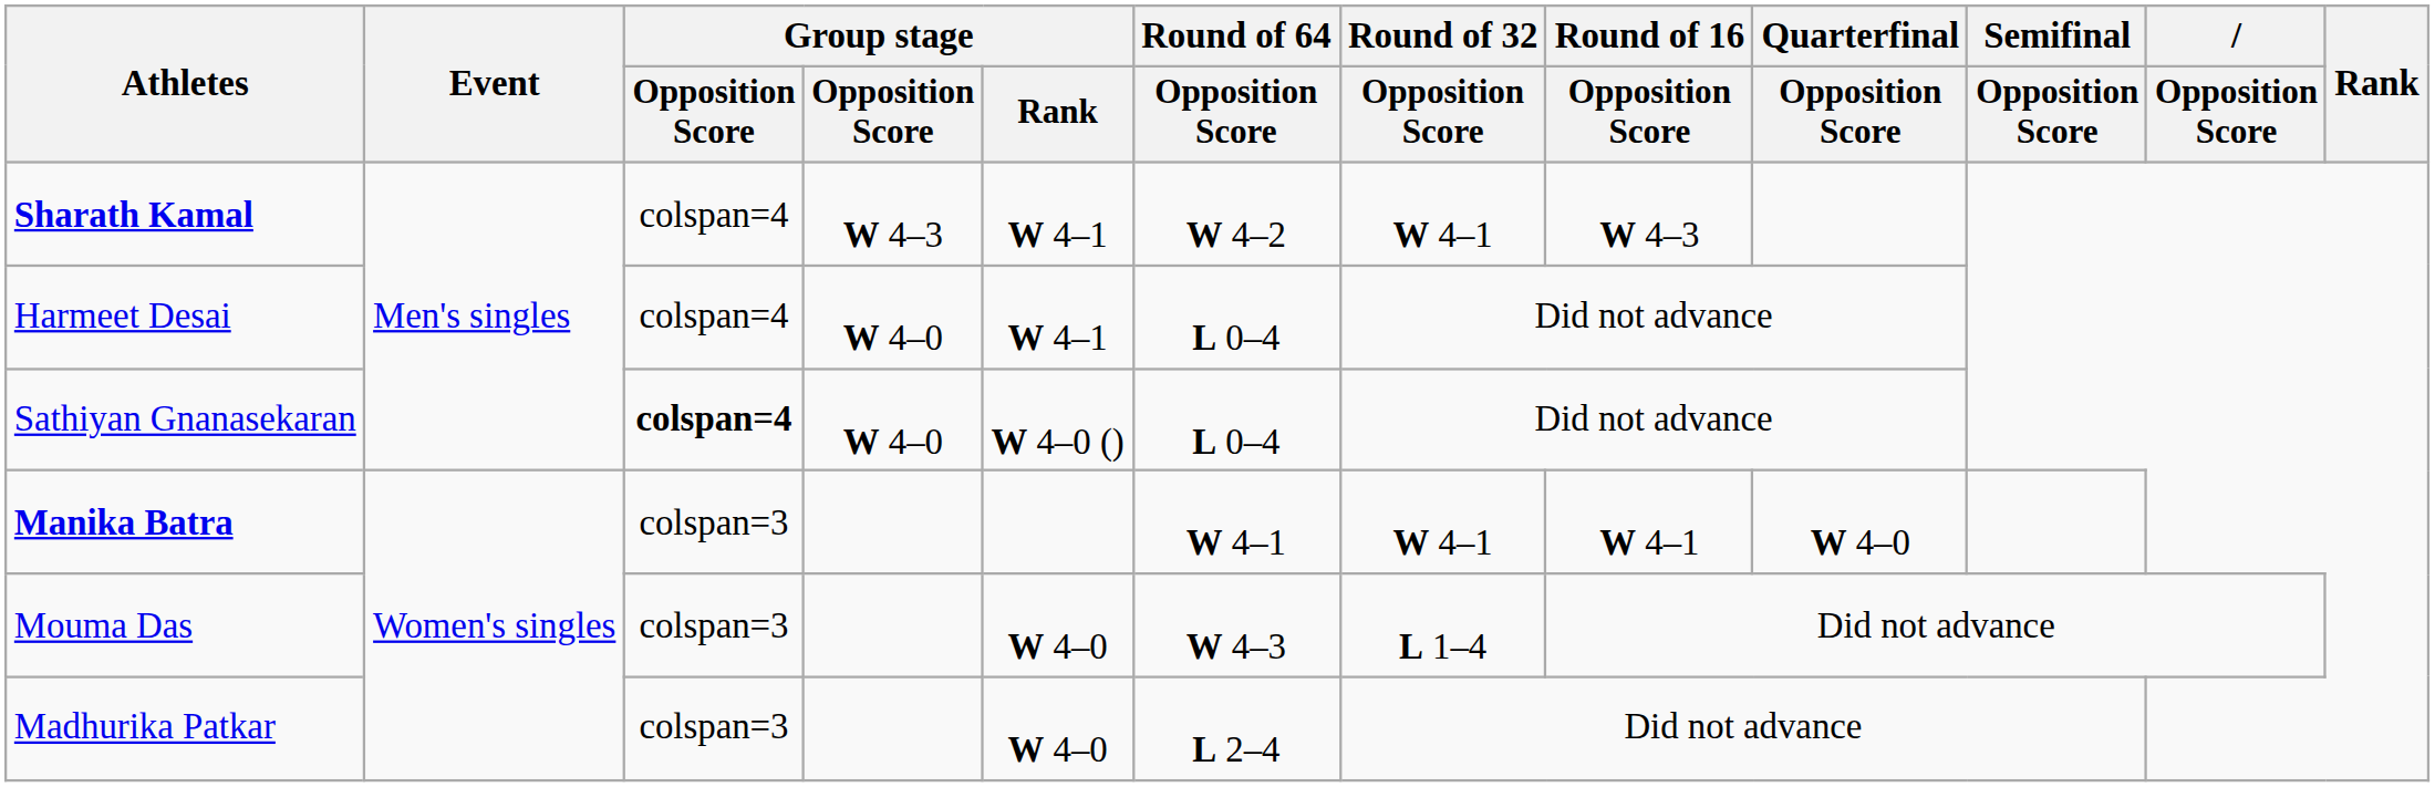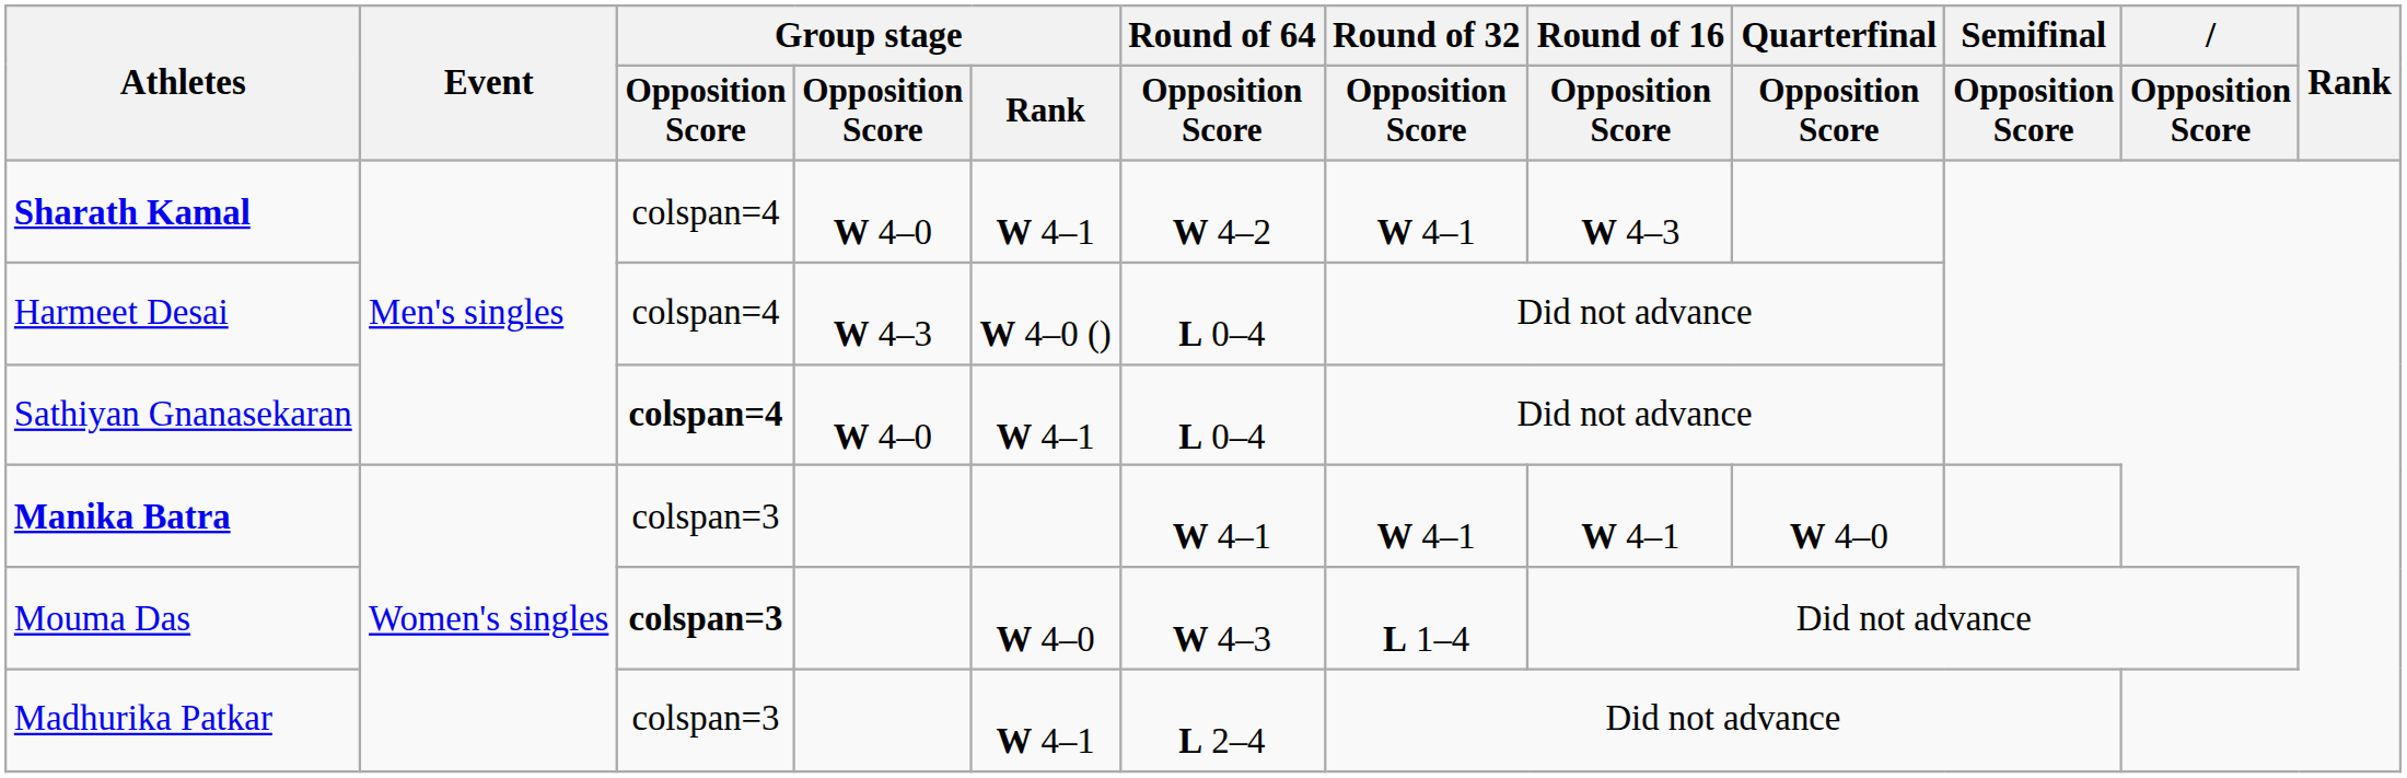 <table class=wikitable style=font-size:90%;text-align:center;>
 <tr>
 <th rowspan=2>Athletes</th>
 <th rowspan=2>Event</th>
 <th colspan=3>Group stage</th>
 <th>Round of 64</th>
 <th>Round of 32</th>
 <th>Round of 16</th>
 <th>Quarterfinal</th>
 <th>Semifinal</th>
 <th>/</th>
 <th rowspan=2>Rank</th>
 </tr>
 <tr style="font-size:95%">
 <th>Opposition<br>Score</th>
 <th>Opposition<br>Score</th>
 <th>Rank</th>
 <th>Opposition<br>Score</th>
 <th>Opposition<br>Score</th>
 <th>Opposition<br>Score</th>
 <th>Opposition<br>Score</th>
 <th>Opposition<br>Score</th>
 <th>Opposition<br>Score</th>
 </tr>
 <tr>
 <td align=left><strong><a href='#'>Sharath Kamal</a></strong></td>
 <td align=left rowspan="3"><a href='#'>Men's singles</a></td>
 <td>colspan=4 </td>
-<td><br><strong>W</strong> 4–3</td>
+<td><br><strong>W</strong> 4–0</td>
 <td><br><strong>W</strong> 4–1</td>
 <td><br><strong>W</strong> 4–2</td>
 <td><br><strong>W</strong> 4–1</td>
 <td><br><strong>W</strong> 4–3</td>
 <td></td>
 </tr>
 <tr>
 <td align=left><a href='#'>Harmeet Desai</a></td>
 <td>colspan=4 </td>
-<td><br><strong>W</strong> 4–0</td>
-<td><br><strong>W</strong> 4–1</td>
+<td><br><strong>W</strong> 4–3</td>
+<td><br><strong>W</strong> 4–0 ()</td>
 <td><br><strong>L</strong> 0–4</td>
 <td colspan=3>Did not advance</td>
 </tr>
 <tr>
 <td align=left><a href='#'>Sathiyan Gnanasekaran</a></td>
 <td><strong>colspan=4 </strong></td>
 <td><br><strong>W</strong> 4–0</td>
-<td><br><strong>W</strong> 4–0 ()</td>
+<td><br><strong>W</strong> 4–1</td>
 <td><br><strong>L</strong> 0–4</td>
 <td colspan=3>Did not advance</td>
 </tr>
 <tr>
 <td align=left><strong><a href='#'>Manika Batra</a></strong></td>
 <td align=left rowspan="3"><a href='#'>Women's singles</a></td>
 <td>colspan=3 </td>
 <td></td>
 <td></td>
 <td><br><strong>W</strong> 4–1</td>
 <td><br><strong>W</strong> 4–1</td>
 <td><br><strong>W</strong> 4–1</td>
 <td><br><strong>W</strong> 4–0</td>
 <td></td>
 </tr>
 <tr>
 <td align=left><a href='#'>Mouma Das</a></td>
-<td>colspan=3 </td>
+<td><strong>colspan=3 </strong></td>
 <td></td>
 <td><br><strong>W</strong> 4–0</td>
 <td><br><strong>W</strong> 4–3</td>
 <td><br><strong>L</strong> 1–4</td>
 <td colspan=4>Did not advance</td>
 </tr>
 <tr>
 <td align=left><a href='#'>Madhurika Patkar</a></td>
 <td>colspan=3 </td>
 <td></td>
-<td><br><strong>W</strong> 4–0</td>
+<td><br><strong>W</strong> 4–1</td>
 <td><br><strong>L</strong> 2–4</td>
 <td colspan=4>Did not advance</td>
 </tr>
 </table>
